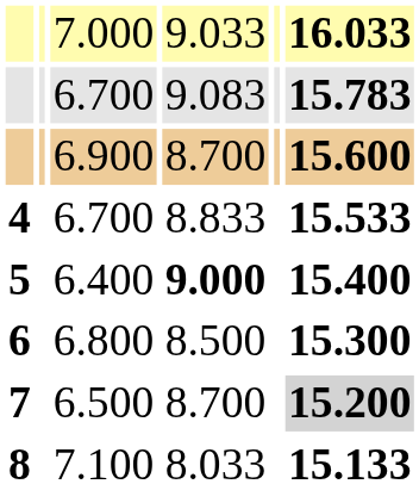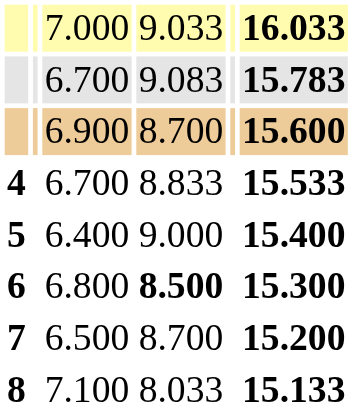 <table>
 <tr style="background:#fffcaf;">
 <th scope=row style="text-align:center"></th>
 <td style="text-align:left;"></td>
 <td>7.000</td>
 <td>9.033</td>
 <td></td>
 <td><strong>16.033</strong></td>
 </tr>
 <tr style="background:#e5e5e5;">
 <th scope=row style="text-align:center"></th>
 <td style="text-align:left;"></td>
 <td>6.700</td>
 <td>9.083</td>
 <td></td>
 <td><strong>15.783</strong></td>
 </tr>
 <tr style="background:#ec9;">
 <th scope=row style="text-align:center"></th>
 <td style="text-align:left;"></td>
 <td>6.900</td>
 <td>8.700</td>
 <td></td>
 <td><strong>15.600</strong></td>
 </tr>
 <tr>
 <th scope=row style="text-align:center">4</th>
 <td style="text-align:left;"></td>
 <td>6.700</td>
 <td>8.833</td>
 <td></td>
 <td><strong>15.533</strong></td>
 </tr>
 <tr>
 <th scope=row style="text-align:center">5</th>
 <td style="text-align:left;"></td>
 <td>6.400</td>
-<td><strong>9.000</strong></td>
+<td>9.000</td>
 <td></td>
 <td><strong>15.400</strong></td>
 </tr>
 <tr>
 <th scope=row style="text-align:center">6</th>
 <td style="text-align:left;"></td>
 <td>6.800</td>
-<td>8.500</td>
+<td><strong>8.500</strong></td>
 <td></td>
 <td><strong>15.300</strong></td>
 </tr>
 <tr>
 <th scope=row style="text-align:center">7</th>
 <td style="text-align:left;"></td>
 <td>6.500</td>
 <td>8.700</td>
 <td></td>
-<td style="background: lightgrey;"><strong>15.200</strong></td>
+<td><strong>15.200</strong></td>
 </tr>
 <tr>
 <th scope=row style="text-align:center">8</th>
 <td style="text-align:left;"></td>
 <td>7.100</td>
 <td>8.033</td>
 <td></td>
 <td><strong>15.133</strong></td>
 </tr>
 </table>
